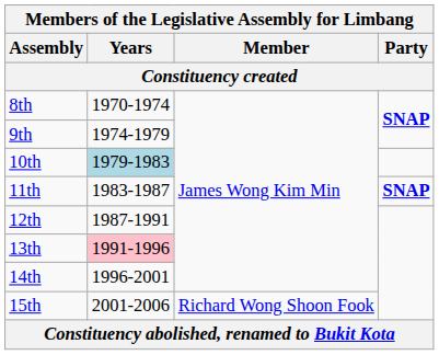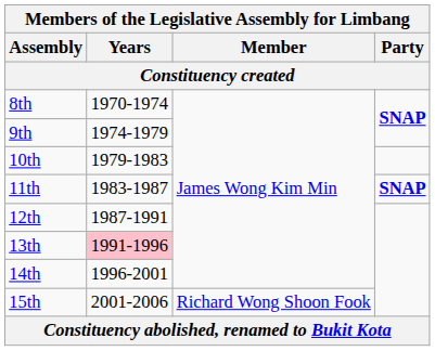 <table class=wikitable>
 <tr>
 <th colspan="4">Members of the Legislative Assembly for Limbang</th>
 </tr>
 <tr>
 <th>Assembly</th>
 <th>Years</th>
 <th>Member</th>
 <th>Party</th>
 </tr>
 <tr>
 <th colspan=4 align=center><em>Constituency created</em></th>
 </tr>
 <tr>
 <td><a href='#'>8th</a></td>
 <td>1970-1974</td>
 <td rowspan=7><a href='#'>James Wong Kim Min</a></td>
 <td rowspan=2 bgcolor=><strong><a href='#'>SNAP</a></strong></td>
 </tr>
 <tr>
 <td><a href='#'>9th</a></td>
 <td>1974-1979</td>
 </tr>
 <tr>
 <td><a href='#'>10th</a></td>
-<td style="background: lightblue;">1979-1983</td>
+<td>1979-1983</td>
 <td bgcolor=></td>
 </tr>
 <tr>
 <td><a href='#'>11th</a></td>
 <td>1983-1987</td>
 <td bgcolor=><strong><a href='#'>SNAP</a></strong></td>
 </tr>
 <tr>
 <td><a href='#'>12th</a></td>
 <td>1987-1991</td>
 <td rowspan=4 bgcolor=></td>
 </tr>
 <tr>
 <td><a href='#'>13th</a></td>
 <td style="background: pink;">1991-1996</td>
 </tr>
 <tr>
 <td><a href='#'>14th</a></td>
 <td>1996-2001</td>
 </tr>
 <tr>
 <td><a href='#'>15th</a></td>
 <td>2001-2006</td>
 <td><a href='#'>Richard Wong Shoon Fook</a></td>
 </tr>
 <tr>
 <th colspan=4 align=center><em>Constituency abolished, renamed to <a href='#'>Bukit Kota</a></em></th>
 </tr>
 </table>
